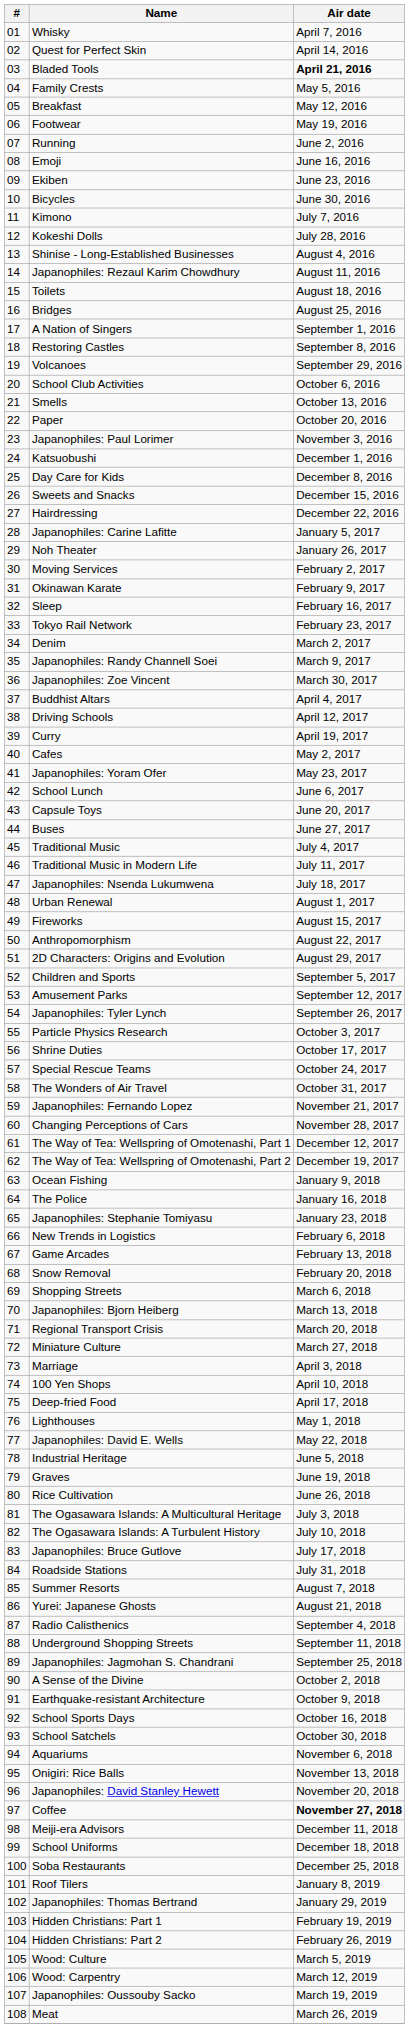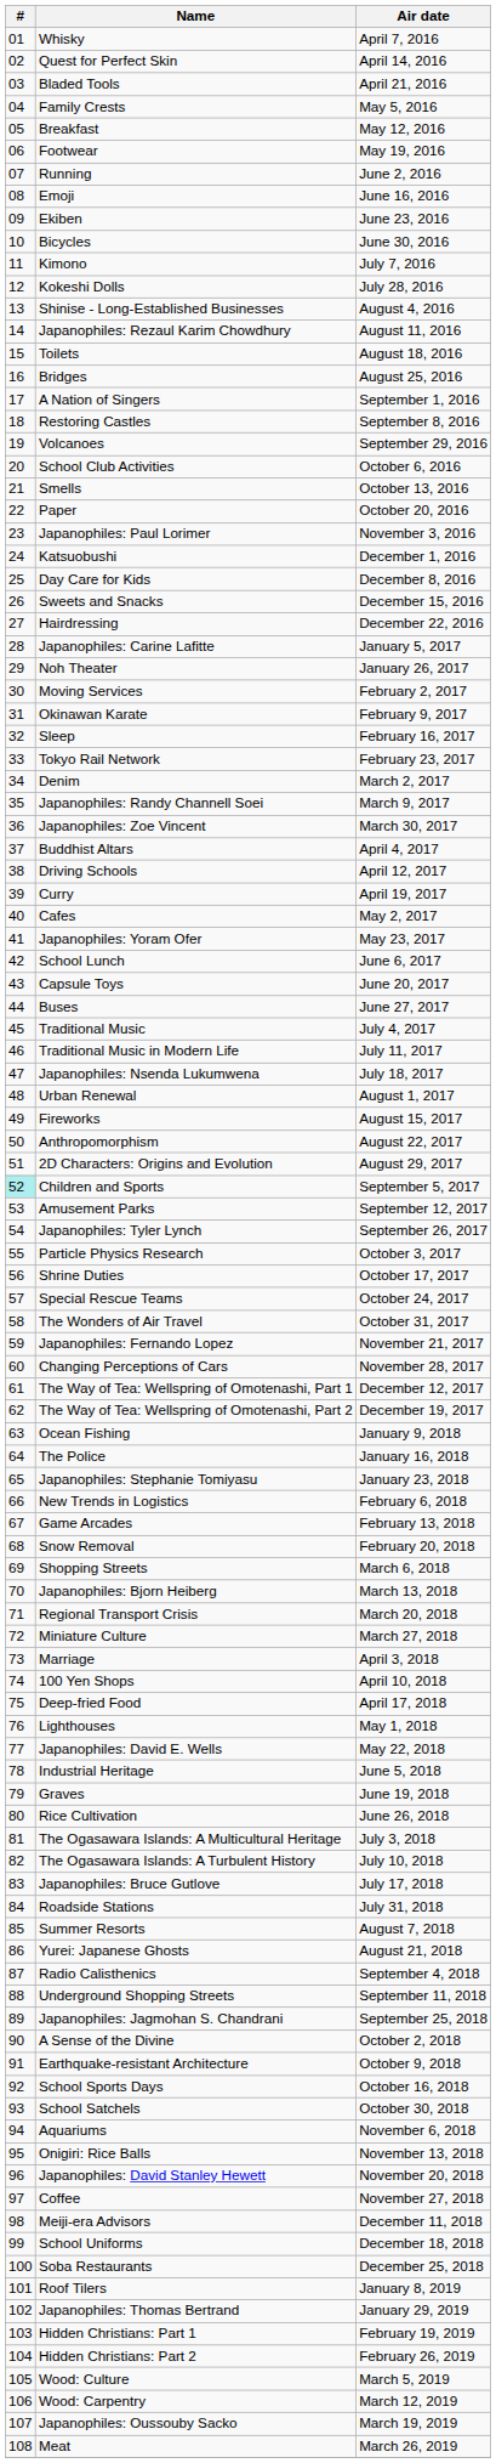 <table class="wikitable sortable">
 <tr>
 <th>#</th>
 <th>Name</th>
 <th>Air date</th>
 </tr>
 <tr>
 <td>01</td>
 <td>Whisky</td>
 <td>April 7, 2016</td>
 </tr>
 <tr>
 <td>02</td>
 <td>Quest for Perfect Skin</td>
 <td>April 14, 2016</td>
 </tr>
 <tr>
 <td>03</td>
 <td>Bladed Tools</td>
-<td><strong>April 21, 2016</strong></td>
+<td>April 21, 2016</td>
 </tr>
 <tr>
 <td>04</td>
 <td>Family Crests</td>
 <td>May 5, 2016</td>
 </tr>
 <tr>
 <td>05</td>
 <td>Breakfast</td>
 <td>May 12, 2016</td>
 </tr>
 <tr>
 <td>06</td>
 <td>Footwear</td>
 <td>May 19, 2016</td>
 </tr>
 <tr>
 <td>07</td>
 <td>Running</td>
 <td>June 2, 2016</td>
 </tr>
 <tr>
 <td>08</td>
 <td>Emoji</td>
 <td>June 16, 2016</td>
 </tr>
 <tr>
 <td>09</td>
 <td>Ekiben</td>
 <td>June 23, 2016</td>
 </tr>
 <tr>
 <td>10</td>
 <td>Bicycles</td>
 <td>June 30, 2016</td>
 </tr>
 <tr>
 <td>11</td>
 <td>Kimono</td>
 <td>July 7, 2016</td>
 </tr>
 <tr>
 <td>12</td>
 <td>Kokeshi Dolls</td>
 <td>July 28, 2016</td>
 </tr>
 <tr>
 <td>13</td>
 <td>Shinise - Long-Established Businesses</td>
 <td>August 4, 2016</td>
 </tr>
 <tr>
 <td>14</td>
 <td>Japanophiles: Rezaul Karim Chowdhury</td>
 <td>August 11, 2016</td>
 </tr>
 <tr>
 <td>15</td>
 <td>Toilets</td>
 <td>August 18, 2016</td>
 </tr>
 <tr>
 <td>16</td>
 <td>Bridges</td>
 <td>August 25, 2016</td>
 </tr>
 <tr>
 <td>17</td>
 <td>A Nation of Singers</td>
 <td>September 1, 2016</td>
 </tr>
 <tr>
 <td>18</td>
 <td>Restoring Castles</td>
 <td>September 8, 2016</td>
 </tr>
 <tr>
 <td>19</td>
 <td>Volcanoes</td>
 <td>September 29, 2016</td>
 </tr>
 <tr>
 <td>20</td>
 <td>School Club Activities</td>
 <td>October 6, 2016</td>
 </tr>
 <tr>
 <td>21</td>
 <td>Smells</td>
 <td>October 13, 2016</td>
 </tr>
 <tr>
 <td>22</td>
 <td>Paper</td>
 <td>October 20, 2016</td>
 </tr>
 <tr>
 <td>23</td>
 <td>Japanophiles: Paul Lorimer</td>
 <td>November 3, 2016</td>
 </tr>
 <tr>
 <td>24</td>
 <td>Katsuobushi</td>
 <td>December 1, 2016</td>
 </tr>
 <tr>
 <td>25</td>
 <td>Day Care for Kids</td>
 <td>December 8, 2016</td>
 </tr>
 <tr>
 <td>26</td>
 <td>Sweets and Snacks</td>
 <td>December 15, 2016</td>
 </tr>
 <tr>
 <td>27</td>
 <td>Hairdressing</td>
 <td>December 22, 2016</td>
 </tr>
 <tr>
 <td>28</td>
 <td>Japanophiles: Carine Lafitte</td>
 <td>January 5, 2017</td>
 </tr>
 <tr>
 <td>29</td>
 <td>Noh Theater</td>
 <td>January 26, 2017</td>
 </tr>
 <tr>
 <td>30</td>
 <td>Moving Services</td>
 <td>February 2, 2017</td>
 </tr>
 <tr>
 <td>31</td>
 <td>Okinawan Karate</td>
 <td>February 9, 2017</td>
 </tr>
 <tr>
 <td>32</td>
 <td>Sleep</td>
 <td>February 16, 2017</td>
 </tr>
 <tr>
 <td>33</td>
 <td>Tokyo Rail Network</td>
 <td>February 23, 2017</td>
 </tr>
 <tr>
 <td>34</td>
 <td>Denim</td>
 <td>March 2, 2017</td>
 </tr>
 <tr>
 <td>35</td>
 <td>Japanophiles: Randy Channell Soei</td>
 <td>March 9, 2017</td>
 </tr>
 <tr>
 <td>36</td>
 <td>Japanophiles: Zoe Vincent</td>
 <td>March 30, 2017</td>
 </tr>
 <tr>
 <td>37</td>
 <td>Buddhist Altars</td>
 <td>April 4, 2017</td>
 </tr>
 <tr>
 <td>38</td>
 <td>Driving Schools</td>
 <td>April 12, 2017</td>
 </tr>
 <tr>
 <td>39</td>
 <td>Curry</td>
 <td>April 19, 2017</td>
 </tr>
 <tr>
 <td>40</td>
 <td>Cafes</td>
 <td>May 2, 2017</td>
 </tr>
 <tr>
 <td>41</td>
 <td>Japanophiles: Yoram Ofer</td>
 <td>May 23, 2017</td>
 </tr>
 <tr>
 <td>42</td>
 <td>School Lunch</td>
 <td>June 6, 2017</td>
 </tr>
 <tr>
 <td>43</td>
 <td>Capsule Toys</td>
 <td>June 20, 2017</td>
 </tr>
 <tr>
 <td>44</td>
 <td>Buses</td>
 <td>June 27, 2017</td>
 </tr>
 <tr>
 <td>45</td>
 <td>Traditional Music</td>
 <td>July 4, 2017</td>
 </tr>
 <tr>
 <td>46</td>
 <td>Traditional Music in Modern Life</td>
 <td>July 11, 2017</td>
 </tr>
 <tr>
 <td>47</td>
 <td>Japanophiles: Nsenda Lukumwena</td>
 <td>July 18, 2017</td>
 </tr>
 <tr>
 <td>48</td>
 <td>Urban Renewal</td>
 <td>August 1, 2017</td>
 </tr>
 <tr>
 <td>49</td>
 <td>Fireworks</td>
 <td>August 15, 2017</td>
 </tr>
 <tr>
 <td>50</td>
 <td>Anthropomorphism</td>
 <td>August 22, 2017</td>
 </tr>
 <tr>
 <td>51</td>
 <td>2D Characters: Origins and Evolution</td>
 <td>August 29, 2017</td>
 </tr>
 <tr>
-<td>52</td>
+<td style="background: paleturquoise;">52</td>
 <td>Children and Sports</td>
 <td>September 5, 2017</td>
 </tr>
 <tr>
 <td>53</td>
 <td>Amusement Parks</td>
 <td>September 12, 2017</td>
 </tr>
 <tr>
 <td>54</td>
 <td>Japanophiles: Tyler Lynch</td>
 <td>September 26, 2017</td>
 </tr>
 <tr>
 <td>55</td>
 <td>Particle Physics Research</td>
 <td>October 3, 2017</td>
 </tr>
 <tr>
 <td>56</td>
 <td>Shrine Duties</td>
 <td>October 17, 2017</td>
 </tr>
 <tr>
 <td>57</td>
 <td>Special Rescue Teams</td>
 <td>October 24, 2017</td>
 </tr>
 <tr>
 <td>58</td>
 <td>The Wonders of Air Travel</td>
 <td>October 31, 2017</td>
 </tr>
 <tr>
 <td>59</td>
 <td>Japanophiles: Fernando Lopez</td>
 <td>November 21, 2017</td>
 </tr>
 <tr>
 <td>60</td>
 <td>Changing Perceptions of Cars</td>
 <td>November 28, 2017</td>
 </tr>
 <tr>
 <td>61</td>
 <td>The Way of Tea: Wellspring of Omotenashi, Part 1</td>
 <td>December 12, 2017</td>
 </tr>
 <tr>
 <td>62</td>
 <td>The Way of Tea: Wellspring of Omotenashi, Part 2</td>
 <td>December 19, 2017</td>
 </tr>
 <tr>
 <td>63</td>
 <td>Ocean Fishing</td>
 <td>January 9, 2018</td>
 </tr>
 <tr>
 <td>64</td>
 <td>The Police</td>
 <td>January 16, 2018</td>
 </tr>
 <tr>
 <td>65</td>
 <td>Japanophiles: Stephanie Tomiyasu</td>
 <td>January 23, 2018</td>
 </tr>
 <tr>
 <td>66</td>
 <td>New Trends in Logistics</td>
 <td>February 6, 2018</td>
 </tr>
 <tr>
 <td>67</td>
 <td>Game Arcades</td>
 <td>February 13, 2018</td>
 </tr>
 <tr>
 <td>68</td>
 <td>Snow Removal</td>
 <td>February 20, 2018</td>
 </tr>
 <tr>
 <td>69</td>
 <td>Shopping Streets</td>
 <td>March 6, 2018</td>
 </tr>
 <tr>
 <td>70</td>
 <td>Japanophiles: Bjorn Heiberg</td>
 <td>March 13, 2018</td>
 </tr>
 <tr>
 <td>71</td>
 <td>Regional Transport Crisis</td>
 <td>March 20, 2018</td>
 </tr>
 <tr>
 <td>72</td>
 <td>Miniature Culture</td>
 <td>March 27, 2018</td>
 </tr>
 <tr>
 <td>73</td>
 <td>Marriage</td>
 <td>April 3, 2018</td>
 </tr>
 <tr>
 <td>74</td>
 <td>100 Yen Shops</td>
 <td>April 10, 2018</td>
 </tr>
 <tr>
 <td>75</td>
 <td>Deep-fried Food</td>
 <td>April 17, 2018</td>
 </tr>
 <tr>
 <td>76</td>
 <td>Lighthouses</td>
 <td>May 1, 2018</td>
 </tr>
 <tr>
 <td>77</td>
 <td>Japanophiles: David E. Wells</td>
 <td>May 22, 2018</td>
 </tr>
 <tr>
 <td>78</td>
 <td>Industrial Heritage</td>
 <td>June 5, 2018</td>
 </tr>
 <tr>
 <td>79</td>
 <td>Graves</td>
 <td>June 19, 2018</td>
 </tr>
 <tr>
 <td>80</td>
 <td>Rice Cultivation</td>
 <td>June 26, 2018</td>
 </tr>
 <tr>
 <td>81</td>
 <td>The Ogasawara Islands: A Multicultural Heritage</td>
 <td>July 3, 2018</td>
 </tr>
 <tr>
 <td>82</td>
 <td>The Ogasawara Islands: A Turbulent History</td>
 <td>July 10, 2018</td>
 </tr>
 <tr>
 <td>83</td>
 <td>Japanophiles: Bruce Gutlove</td>
 <td>July 17, 2018</td>
 </tr>
 <tr>
 <td>84</td>
 <td>Roadside Stations</td>
 <td>July 31, 2018</td>
 </tr>
 <tr>
 <td>85</td>
 <td>Summer Resorts</td>
 <td>August 7, 2018</td>
 </tr>
 <tr>
 <td>86</td>
 <td>Yurei: Japanese Ghosts</td>
 <td>August 21, 2018</td>
 </tr>
 <tr>
 <td>87</td>
 <td>Radio Calisthenics</td>
 <td>September 4, 2018</td>
 </tr>
 <tr>
 <td>88</td>
 <td>Underground Shopping Streets</td>
 <td>September 11, 2018</td>
 </tr>
 <tr>
 <td>89</td>
 <td>Japanophiles: Jagmohan S. Chandrani</td>
 <td>September 25, 2018</td>
 </tr>
 <tr>
 <td>90</td>
 <td>A Sense of the Divine</td>
 <td>October 2, 2018</td>
 </tr>
 <tr>
 <td>91</td>
 <td>Earthquake-resistant Architecture</td>
 <td>October 9, 2018</td>
 </tr>
 <tr>
 <td>92</td>
 <td>School Sports Days</td>
 <td>October 16, 2018</td>
 </tr>
 <tr>
 <td>93</td>
 <td>School Satchels</td>
 <td>October 30, 2018</td>
 </tr>
 <tr>
 <td>94</td>
 <td>Aquariums</td>
 <td>November 6, 2018</td>
 </tr>
 <tr>
 <td>95</td>
 <td>Onigiri: Rice Balls</td>
 <td>November 13, 2018</td>
 </tr>
 <tr>
 <td>96</td>
 <td>Japanophiles: <a href='#'>David Stanley Hewett</a></td>
 <td>November 20, 2018</td>
 </tr>
 <tr>
 <td>97</td>
 <td>Coffee</td>
-<td><strong>November 27, 2018</strong></td>
+<td>November 27, 2018</td>
 </tr>
 <tr>
 <td>98</td>
 <td>Meiji-era Advisors</td>
 <td>December 11, 2018</td>
 </tr>
 <tr>
 <td>99</td>
 <td>School Uniforms</td>
 <td>December 18, 2018</td>
 </tr>
 <tr>
 <td>100</td>
 <td>Soba Restaurants</td>
 <td>December 25, 2018</td>
 </tr>
 <tr>
 <td>101</td>
 <td>Roof Tilers</td>
 <td>January 8, 2019</td>
 </tr>
 <tr>
 <td>102</td>
 <td>Japanophiles: Thomas Bertrand</td>
 <td>January 29, 2019</td>
 </tr>
 <tr>
 <td>103</td>
 <td>Hidden Christians: Part 1</td>
 <td>February 19, 2019</td>
 </tr>
 <tr>
 <td>104</td>
 <td>Hidden Christians: Part 2</td>
 <td>February 26, 2019</td>
 </tr>
 <tr>
 <td>105</td>
 <td>Wood: Culture</td>
 <td>March 5, 2019</td>
 </tr>
 <tr>
 <td>106</td>
 <td>Wood: Carpentry</td>
 <td>March 12, 2019</td>
 </tr>
 <tr>
 <td>107</td>
 <td>Japanophiles: Oussouby Sacko</td>
 <td>March 19, 2019</td>
 </tr>
 <tr>
 <td>108</td>
 <td>Meat</td>
 <td>March 26, 2019</td>
 </tr>
 <tr>
 </tr>
 </table>
